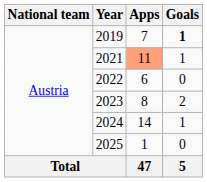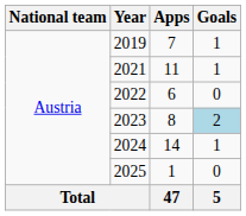 <table class="wikitable" style="text-align:center">
 <tr>
 <th>National team</th>
 <th>Year</th>
 <th>Apps</th>
 <th>Goals</th>
 </tr>
 <tr>
 <td rowspan="6"><a href='#'>Austria</a></td>
 <td>2019</td>
 <td>7</td>
-<td><strong>1</strong></td>
+<td>1</td>
 </tr>
 <tr>
 <td>2021</td>
-<td style="background: lightsalmon;">11</td>
+<td>11</td>
 <td>1</td>
 </tr>
 <tr>
 <td>2022</td>
 <td>6</td>
 <td>0</td>
 </tr>
 <tr>
 <td>2023</td>
 <td>8</td>
-<td>2</td>
+<td style="background: lightblue;">2</td>
 </tr>
 <tr>
 <td>2024</td>
 <td>14</td>
 <td>1</td>
 </tr>
 <tr>
 <td>2025</td>
 <td>1</td>
 <td>0</td>
 </tr>
 <tr>
 <th colspan="2">Total</th>
 <th>47</th>
 <th>5</th>
 </tr>
 </table>
